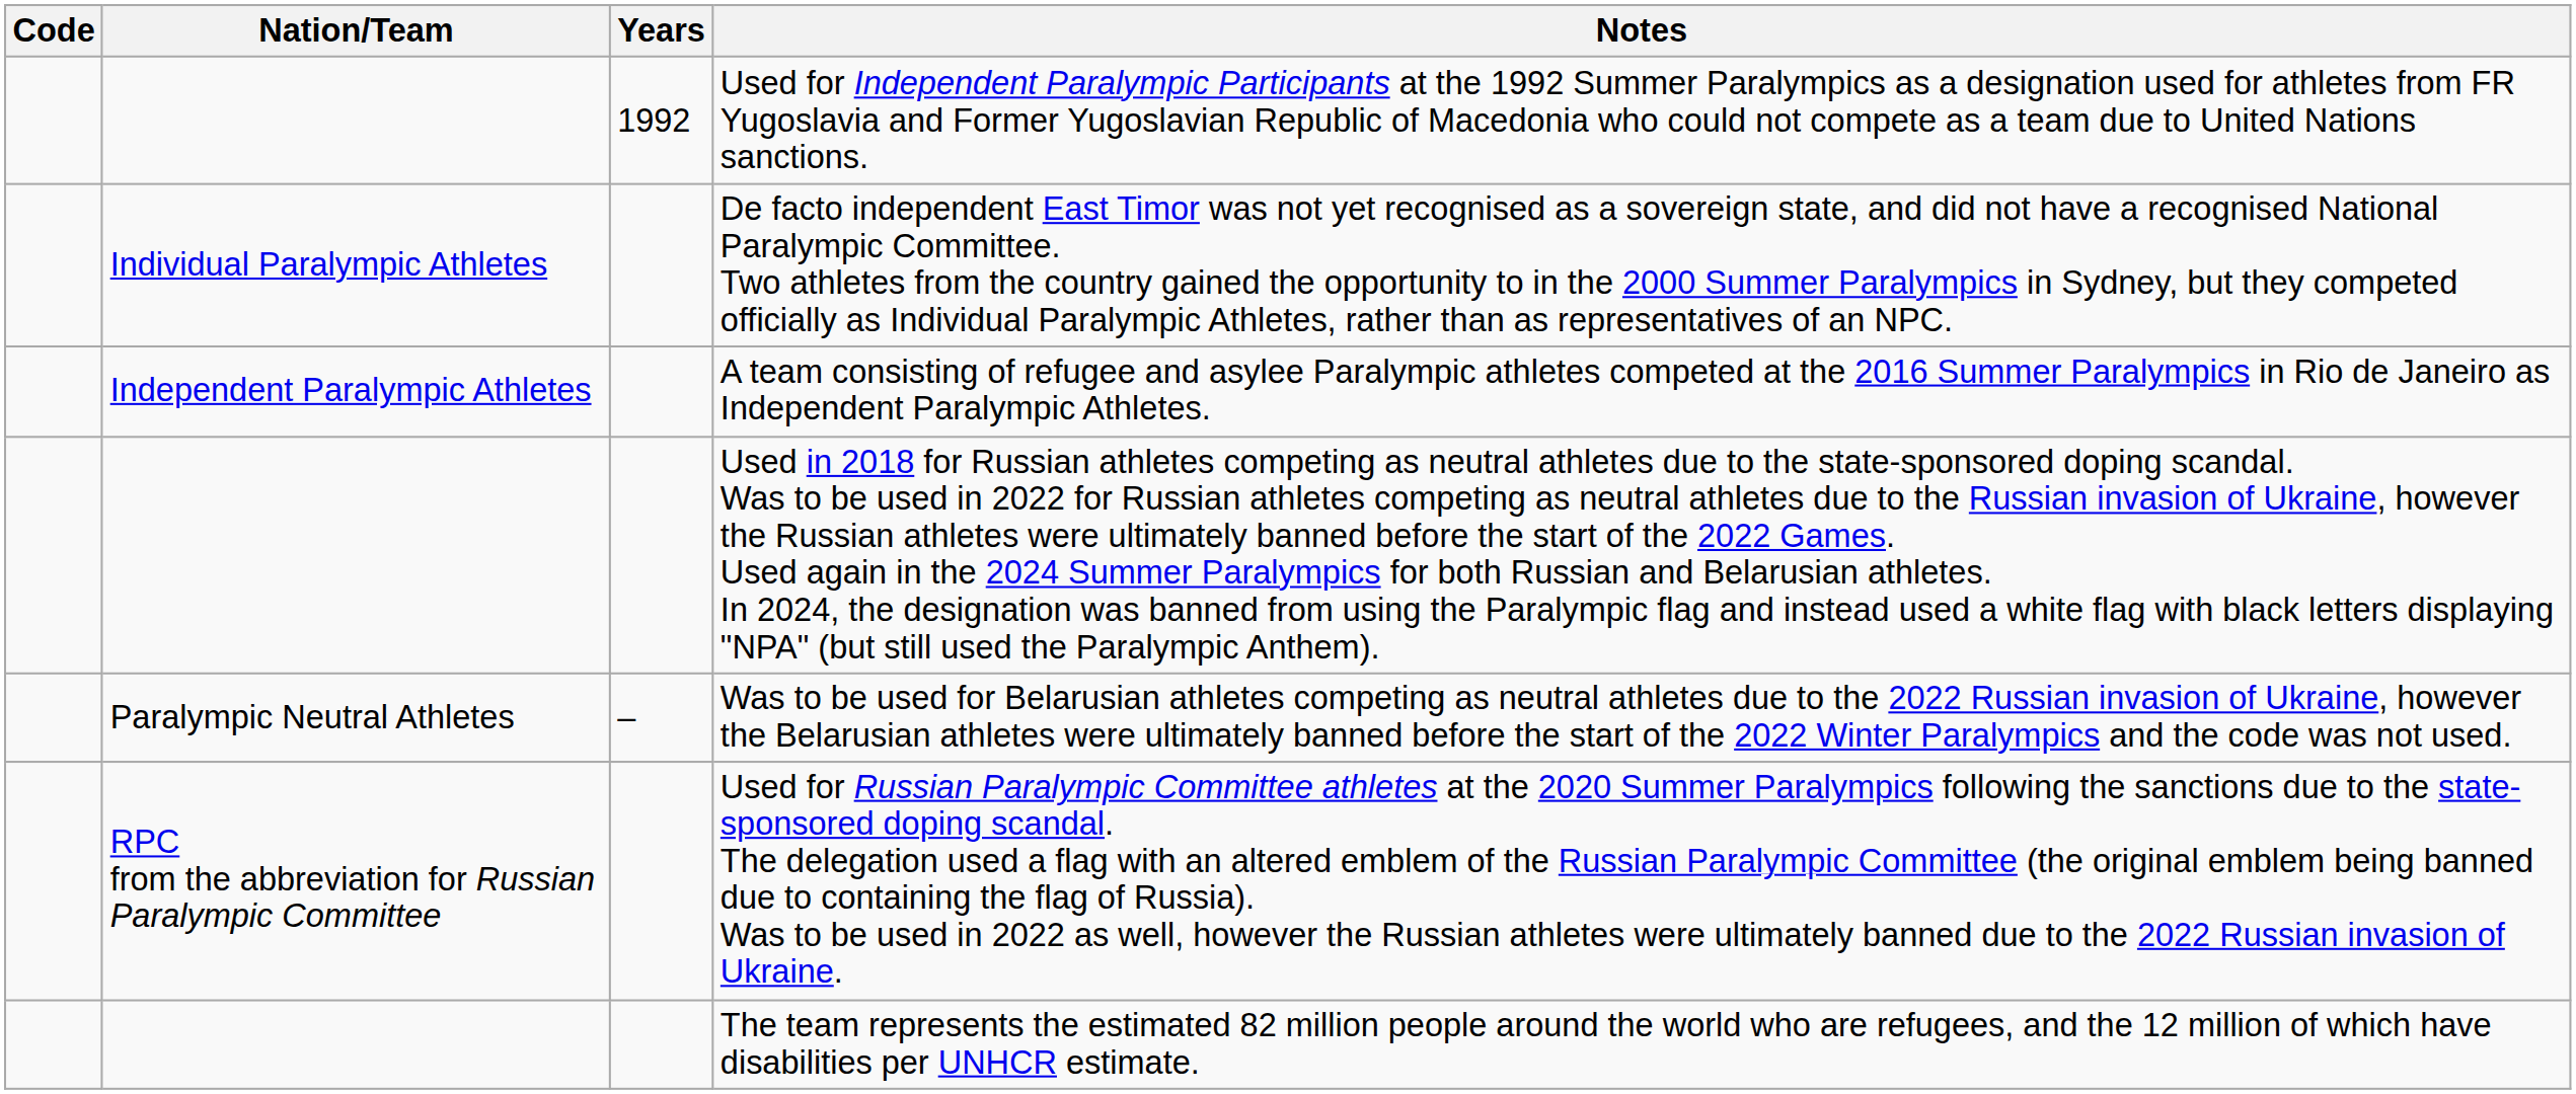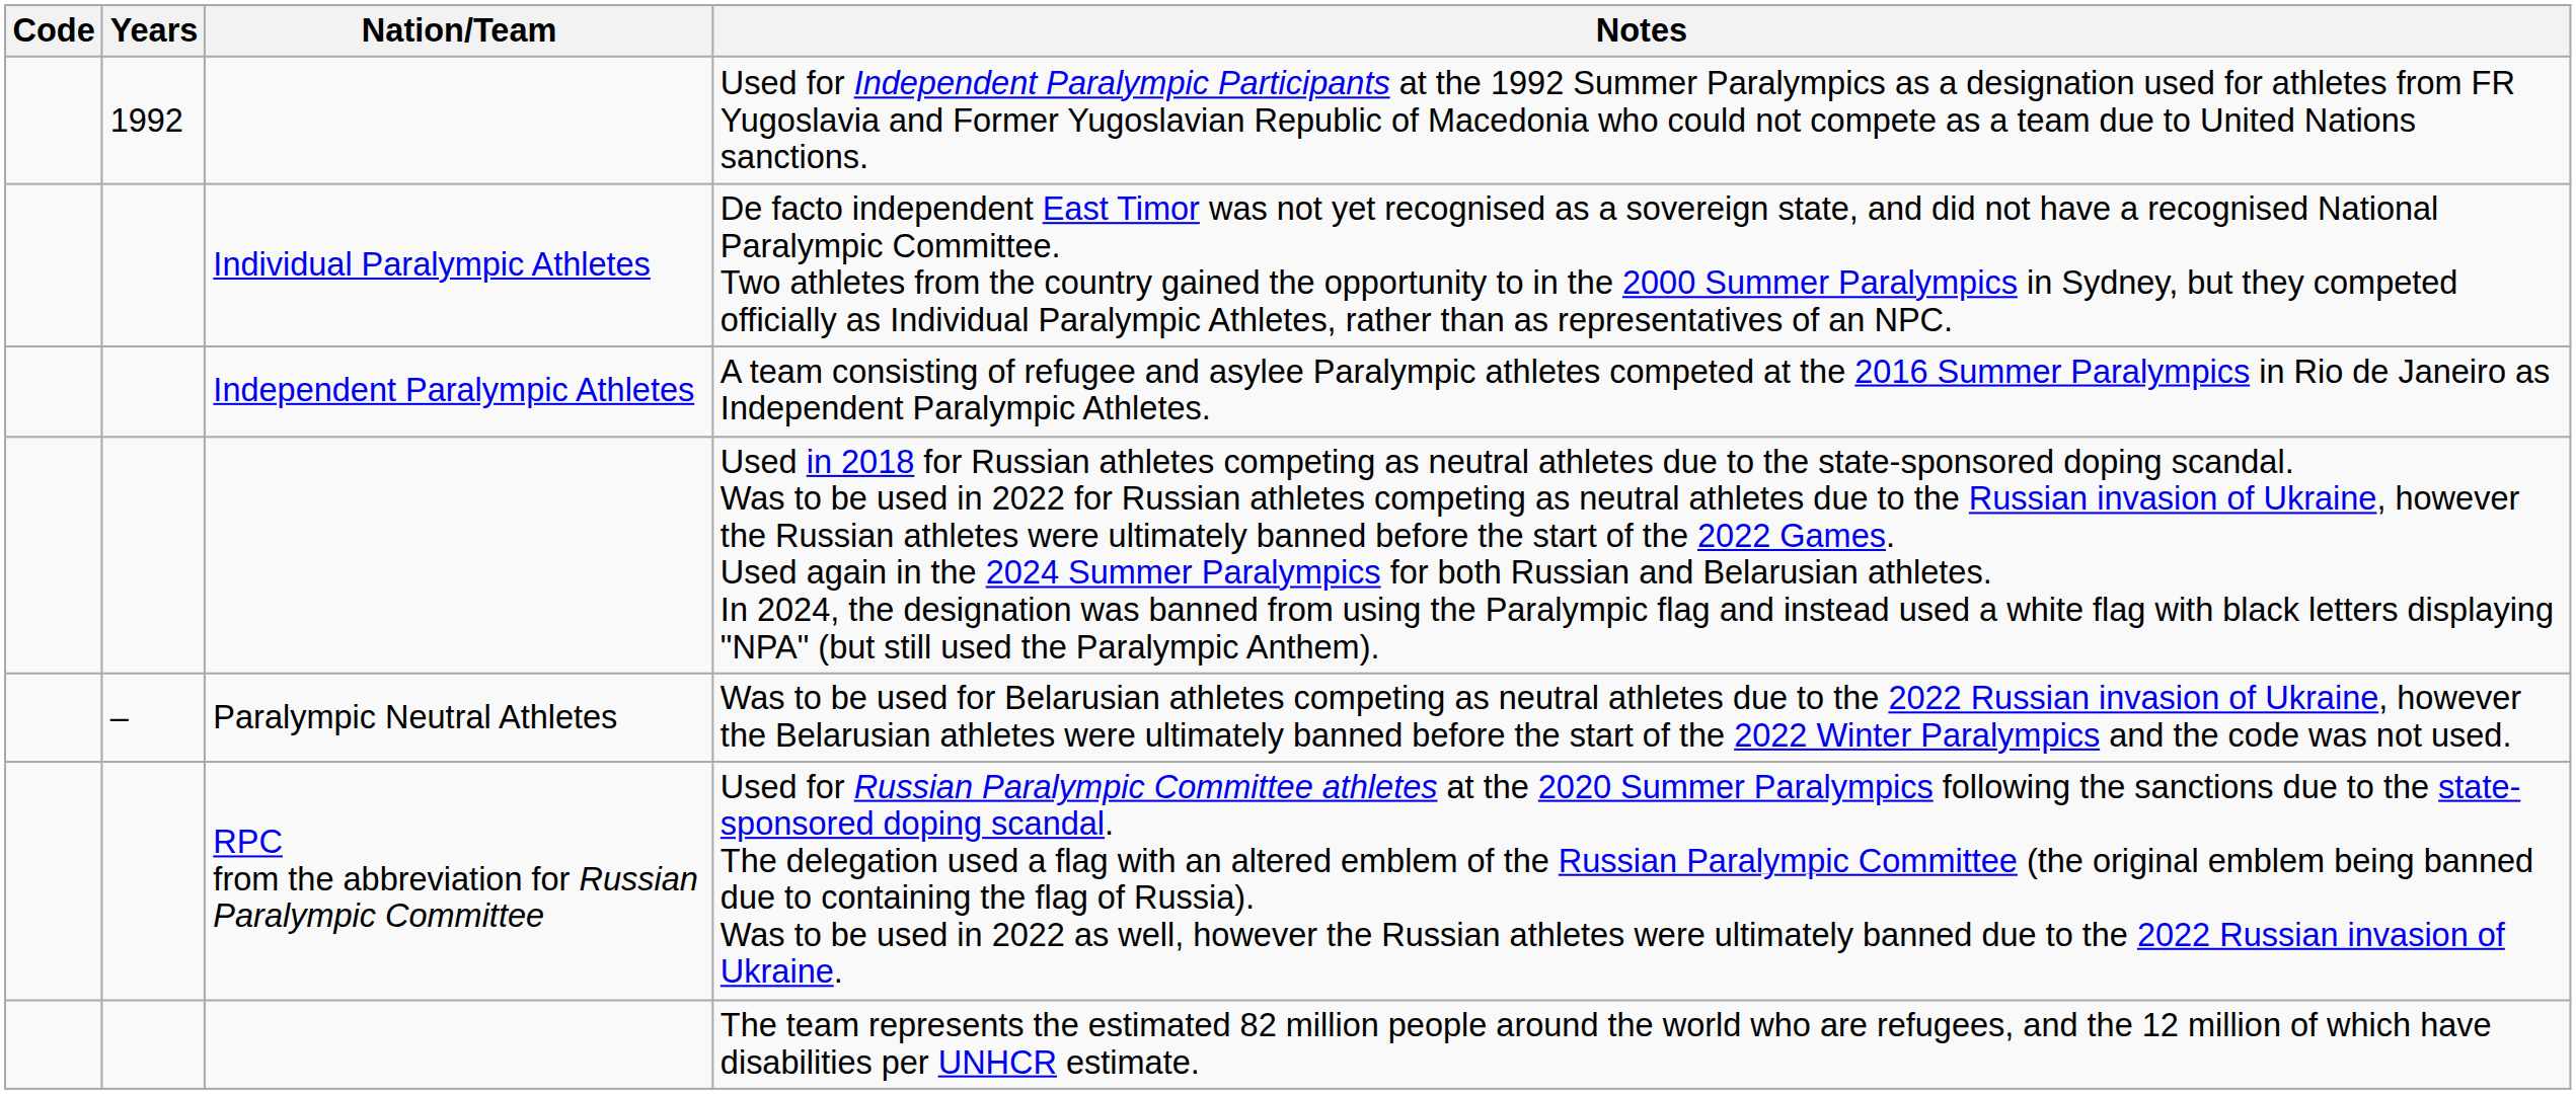 <table class="wikitable sortable">
 <tr>
 <th>Code</th>
+<th>Years</th>
 <th>Nation/Team</th>
-<th>Years</th>
 <th>Notes</th>
 </tr>
 <tr>
 <td style="text-align:center;"></td>
+<td>1992</td>
 <td></td>
-<td>1992</td>
 <td>Used for <em><a href='#'>Independent Paralympic Participants</a></em> at the 1992 Summer Paralympics as a designation used for athletes from FR Yugoslavia and Former Yugoslavian Republic of Macedonia who could not compete as a team due to United Nations sanctions.</td>
 </tr>
 <tr>
 <td style="text-align:center;"></td>
+<td></td>
 <td> <a href='#'>Individual Paralympic Athletes</a></td>
-<td></td>
 <td>De facto independent <a href='#'>East Timor</a> was not yet recognised as a sovereign state, and did not have a recognised National Paralympic Committee.<br>Two athletes from the country gained the opportunity to in the <a href='#'>2000 Summer Paralympics</a> in Sydney, but they competed officially as Individual Paralympic Athletes, rather than as representatives of an NPC.</td>
 </tr>
 <tr>
 <td style="text-align:center;"></td>
+<td></td>
 <td> <a href='#'>Independent Paralympic Athletes</a></td>
-<td></td>
 <td>A team consisting of refugee and asylee Paralympic athletes competed at the <a href='#'>2016 Summer Paralympics</a> in Rio de Janeiro as Independent Paralympic Athletes.</td>
 </tr>
 <tr>
 <td style="text-align:center;"></td>
 <td></td>
 <td></td>
 <td>Used <a href='#'>in 2018</a> for Russian athletes competing as neutral athletes due to the state-sponsored doping scandal.<br>Was to be used in 2022 for Russian athletes competing as neutral athletes due to the <a href='#'>Russian invasion of Ukraine</a>, however the Russian athletes were ultimately banned before the start of the <a href='#'>2022 Games</a>.<br>Used again in the <a href='#'>2024 Summer Paralympics</a> for both Russian and Belarusian athletes.<br>In 2024, the designation was banned from using the Paralympic flag and instead used a white flag with black letters displaying "NPA" (but still used the Paralympic Anthem).</td>
 </tr>
 <tr>
 <td style="text-align:center;"></td>
+<td>–</td>
 <td> Paralympic Neutral Athletes</td>
-<td>–</td>
 <td>Was to be used for Belarusian athletes competing as neutral athletes due to the <a href='#'>2022 Russian invasion of Ukraine</a>, however the Belarusian athletes were ultimately banned before the start of the <a href='#'>2022 Winter Paralympics</a> and the code was not used.</td>
 </tr>
 <tr>
 <td style="text-align:center;"></td>
+<td></td>
 <td> <a href='#'>RPC</a><br>from the abbreviation for <em>Russian Paralympic Committee</em></td>
-<td></td>
 <td>Used for <em><a href='#'>Russian Paralympic Committee athletes</a></em> at the <a href='#'>2020 Summer Paralympics</a> following the sanctions due to the <a href='#'>state-sponsored doping scandal</a>.<br>The delegation used a flag with an altered emblem of the <a href='#'>Russian Paralympic Committee</a> (the original emblem being banned due to containing the flag of Russia).<br>Was to be used in 2022 as well, however the Russian athletes were ultimately banned due to the <a href='#'>2022 Russian invasion of Ukraine</a>.</td>
 </tr>
 <tr>
 <td style="text-align:center;"></td>
 <td></td>
 <td></td>
 <td>The team represents the estimated 82 million people around the world who are refugees, and the 12 million of which have disabilities per <a href='#'>UNHCR</a> estimate.</td>
 </tr>
 </table>
